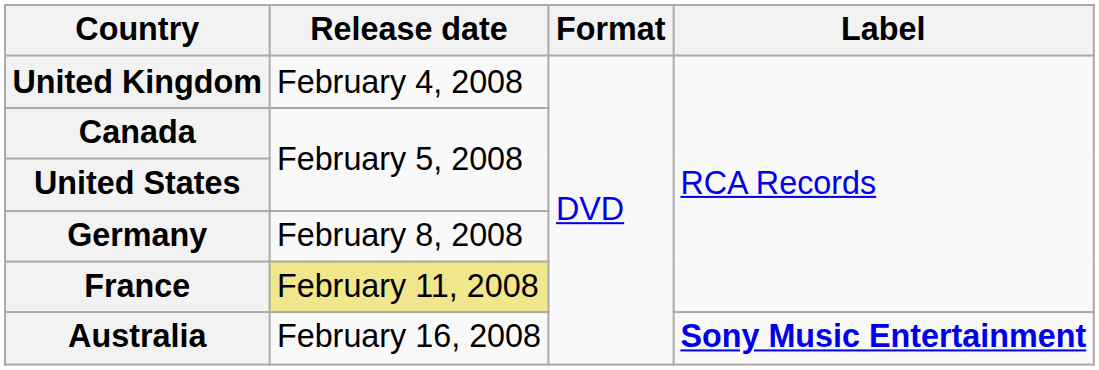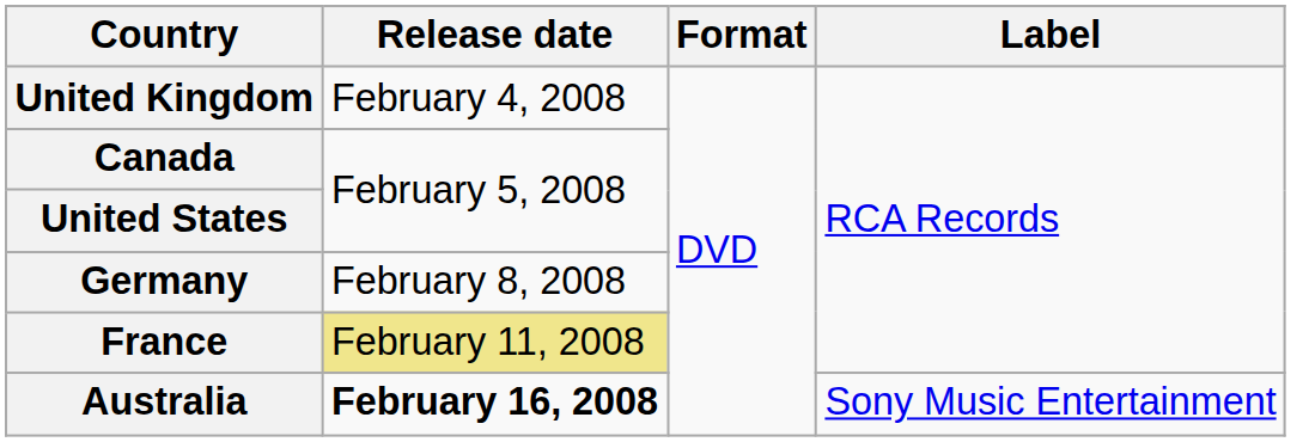 <table class="wikitable plainrowheaders">
 <tr>
 <th>Country</th>
 <th>Release date</th>
 <th>Format</th>
 <th>Label</th>
 </tr>
 <tr>
 <th scope="row">United Kingdom</th>
 <td>February 4, 2008</td>
 <td rowspan="6"><a href='#'>DVD</a></td>
 <td rowspan="5"><a href='#'>RCA Records</a></td>
 </tr>
 <tr>
 <th scope="row">Canada</th>
 <td rowspan="2">February 5, 2008</td>
 </tr>
 <tr>
 <th scope="row">United States</th>
 </tr>
 <tr>
 <th scope="row">Germany</th>
 <td>February 8, 2008</td>
 </tr>
 <tr>
 <th scope="row">France</th>
 <td style="background: khaki;">February 11, 2008</td>
 </tr>
 <tr>
 <th scope="row">Australia</th>
-<td>February 16, 2008</td>
-<td><strong><a href='#'>Sony Music Entertainment</a></strong></td>
+<td><strong>February 16, 2008</strong></td>
+<td><a href='#'>Sony Music Entertainment</a></td>
 </tr>
 </table>
